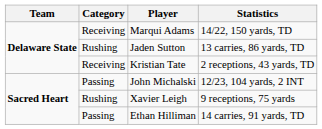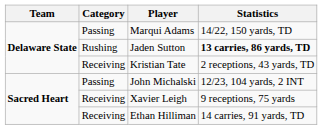 <table class="wikitable" style="float: right;">
 <tr>
 <th>Team</th>
 <th>Category</th>
 <th>Player</th>
 <th>Statistics</th>
 </tr>
 <tr>
 <td rowspan=3><strong>Delaware State</strong></td>
-<td>Receiving</td>
+<td>Passing</td>
 <td>Marqui Adams</td>
 <td>14/22, 150 yards, TD</td>
 </tr>
 <tr>
 <td>Rushing</td>
 <td>Jaden Sutton</td>
-<td>13 carries, 86 yards, TD</td>
+<td><strong>13 carries, 86 yards, TD</strong></td>
 </tr>
 <tr>
 <td>Receiving</td>
 <td>Kristian Tate</td>
 <td>2 receptions, 43 yards, TD</td>
 </tr>
 <tr>
 <td rowspan=3><strong>Sacred Heart</strong></td>
 <td>Passing</td>
 <td>John Michalski</td>
 <td>12/23, 104 yards, 2 INT</td>
 </tr>
 <tr>
-<td>Rushing</td>
+<td>Receiving</td>
 <td>Xavier Leigh</td>
 <td>9 receptions, 75 yards</td>
 </tr>
 <tr>
-<td>Passing</td>
+<td>Receiving</td>
 <td>Ethan Hilliman</td>
 <td>14 carries, 91 yards, TD</td>
 </tr>
 </table>
